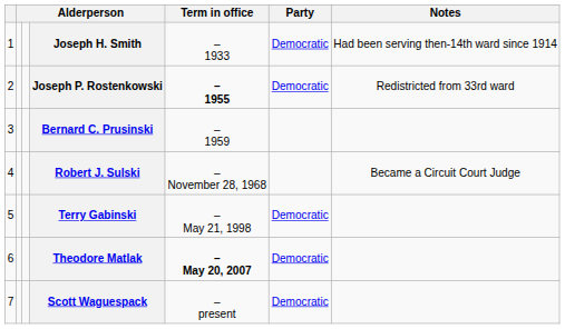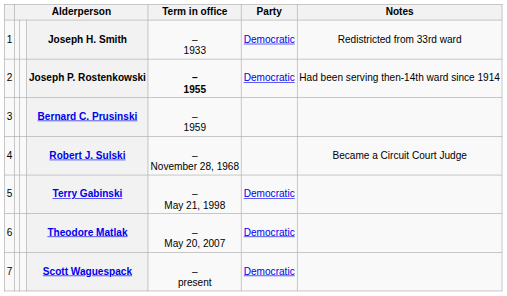 <table class="wikitable sortable" style="text-align:center;">
 <tr>
 <th scope="col"></th>
 <th scope="col" colspan="3">Alderperson</th>
 <th scope="col">Term in office</th>
 <th scope="col">Party</th>
 <th scope="col">Notes</th>
 </tr>
 <tr style="height:2em;">
 <td>1</td>
 <td></td>
 <td> </td>
 <th scope="row">Joseph H. Smith</th>
 <td><br>–<br>1933</td>
 <td><a href='#'>Democratic</a></td>
-<td>Had been serving then-14th ward since 1914<br></td>
+<td>Redistricted from 33rd ward</td>
 </tr>
 <tr style="height:2em;">
 <td>2</td>
 <td></td>
 <td> </td>
 <th scope="row">Joseph P. Rostenkowski</th>
 <td><strong><br>–<br>1955</strong></td>
 <td><a href='#'>Democratic</a></td>
-<td>Redistricted from 33rd ward</td>
+<td>Had been serving then-14th ward since 1914<br></td>
 </tr>
 <tr style="height:2em;">
 <td>3</td>
 <td></td>
 <td></td>
 <th scope="row"><a href='#'>Bernard C. Prusinski</a></th>
 <td><br>–<br>1959</td>
 <td></td>
 <td></td>
 </tr>
 <tr style="height:2em;">
 <td>4</td>
 <td></td>
 <td></td>
 <th scope="row"><a href='#'>Robert J. Sulski</a></th>
 <td><br>–<br>November 28, 1968</td>
 <td></td>
 <td>Became a Circuit Court Judge</td>
 </tr>
 <tr style="height:2em;">
 <td>5</td>
 <td></td>
 <td> </td>
 <th scope="row"><a href='#'>Terry Gabinski</a></th>
 <td><br>–<br>May 21, 1998</td>
 <td><a href='#'>Democratic</a></td>
 <td></td>
 </tr>
 <tr style="height:2em;">
 <td>6</td>
 <td></td>
 <td> </td>
 <th scope="row"><a href='#'>Theodore Matlak</a></th>
-<td><strong><br>–<br>May 20, 2007</strong></td>
+<td><br>–<br>May 20, 2007</td>
 <td><a href='#'>Democratic</a></td>
 <td></td>
 </tr>
 <tr style="height:2em;">
 <td>7</td>
 <td></td>
 <td> </td>
 <th scope="row"><a href='#'>Scott Waguespack</a></th>
 <td><br>–<br>present</td>
 <td><a href='#'>Democratic</a></td>
 <td></td>
 </tr>
 </table>
